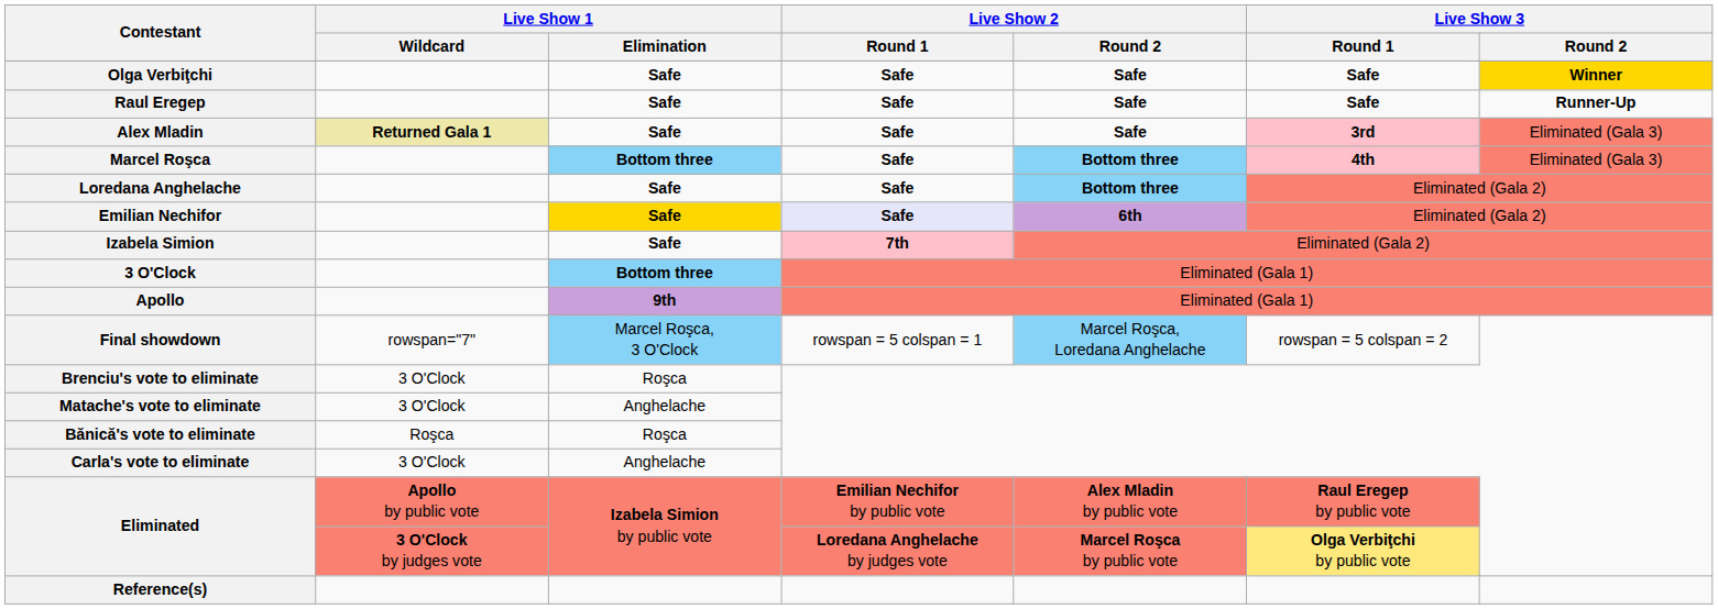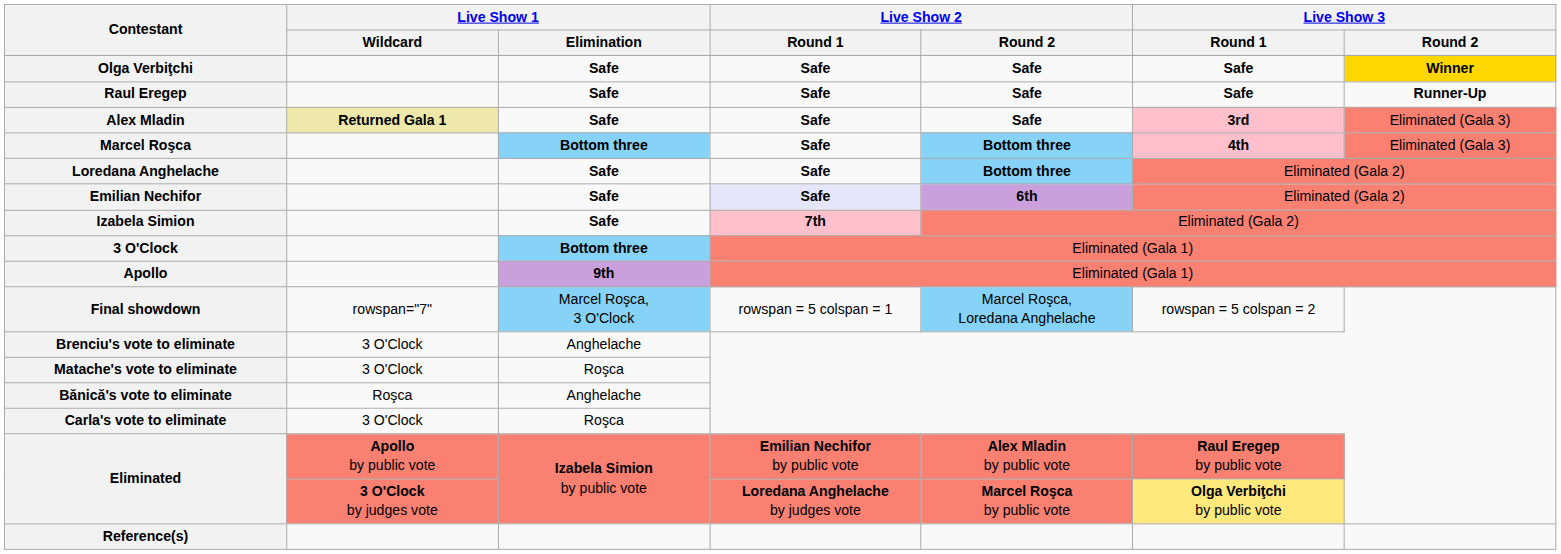 <table class="wikitable" style="font-size:90%;text-align:center;line-height:1.35;width:100%">
 <tr>
 <th style="width:16%"   rowspan="2" scope="col">Contestant</th>
 <th style="width:10.5%" colspan="2"><a href='#'>Live Show 1</a></th>
 <th style="width:10.5%" colspan="2" scope="col"><a href='#'>Live Show 2</a></th>
 <th style="width:10.5%" colspan="2" scope="col"><a href='#'>Live Show 3</a></th>
 </tr>
 <tr>
 <th style="width:12%">Wildcard</th>
 <th style="width:12%">Elimination</th>
 <th style="width:12%">Round 1</th>
 <th style="width:12%">Round 2</th>
 <th style="width:12%">Round 1</th>
 <th style="width:12%">Round 2</th>
 </tr>
 <tr>
 </tr>
 <tr>
 <th scope="row">Olga Verbiţchi</th>
 <td></td>
 <td><strong>Safe</strong></td>
 <td><strong>Safe</strong></td>
 <td><strong>Safe</strong></td>
 <td><strong>Safe</strong></td>
 <td bgcolor=Gold><strong>Winner</strong></td>
 </tr>
 <tr>
 <th scope="row">Raul Eregep</th>
 <td></td>
 <td><strong>Safe</strong></td>
 <td><strong>Safe</strong></td>
 <td><strong>Safe</strong></td>
 <td><strong>Safe</strong></td>
 <td><strong>Runner-Up</strong></td>
 </tr>
 <tr>
 <th scope="row">Alex Mladin</th>
 <td style="background:#EEE8AA"><strong>Returned Gala 1</strong></td>
 <td><strong>Safe</strong></td>
 <td><strong>Safe</strong></td>
 <td><strong>Safe</strong></td>
 <td bgcolor=pink><strong>3rd</strong></td>
 <td colspan="1" style="background:salmon;">Eliminated  (Gala 3)</td>
 </tr>
 <tr>
 <th scope="row">Marcel Roşca</th>
 <td></td>
 <td bgcolor=#87D3F8><strong>Bottom three</strong></td>
 <td><strong>Safe</strong></td>
 <td bgcolor=#87D3F8><strong>Bottom three</strong></td>
 <td bgcolor=pink><strong>4th</strong></td>
 <td colspan="2"  style="background:salmon;">Eliminated (Gala 3)</td>
 </tr>
 <tr>
 <th scope="row">Loredana Anghelache</th>
 <td></td>
 <td><strong>Safe</strong></td>
 <td><strong>Safe</strong></td>
 <td bgcolor=#87D3F8><strong>Bottom three</strong></td>
 <td colspan="3" rowspan=1 style="background:salmon;">Eliminated (Gala 2)</td>
 </tr>
 <tr>
 <th scope="row">Emilian Nechifor</th>
 <td></td>
-<td style="background: gold;"><strong>Safe</strong></td>
+<td><strong>Safe</strong></td>
 <td style="background: lavender;"><strong>Safe</strong></td>
 <td bgcolor=#C9A0DC><strong>6th</strong></td>
 <td colspan="3" rowspan=1 style="background:salmon;">Eliminated (Gala 2)</td>
 </tr>
 <tr>
 <th scope="row">Izabela Simion</th>
 <td></td>
 <td><strong>Safe</strong></td>
 <td bgcolor=pink><strong>7th</strong></td>
 <td colspan="4" rowspan=1 style="background:salmon;">Eliminated  (Gala 2)</td>
 </tr>
 <tr>
 <th scope="row">3 O'Clock</th>
 <td></td>
 <td bgcolor=#87D3F8><strong>Bottom three</strong></td>
 <td colspan="5" rowspan="1" style="background:salmon;">Eliminated  (Gala 1)</td>
 </tr>
 <tr>
 <th scope="row">Apollo</th>
 <td></td>
 <td bgcolor=#C9A0DC><strong>9th</strong></td>
 <td colspan="5" rowspan="1" style="background:salmon;">Eliminated  (Gala 1)</td>
 </tr>
 <tr>
 <th scope="row"  rowspan="1">Final showdown</th>
 <td>rowspan="7" </td>
 <td style="background:#87D3F8">Marcel Roşca,<br>3 O'Clock</td>
 <td>rowspan = 5 colspan = 1 </td>
 <td style="background:#87D3F8">Marcel Roşca,<br>Loredana Anghelache</td>
 <td>rowspan = 5 colspan = 2 </td>
 </tr>
 <tr>
 <th scope="row">Brenciu's vote to eliminate</th>
 <td>3 O'Clock</td>
-<td>Roşca</td>
+<td>Anghelache</td>
 </tr>
 <tr>
 <th scope="row">Matache's vote to eliminate</th>
 <td>3 O'Clock</td>
-<td>Anghelache</td>
+<td>Roşca</td>
 </tr>
 <tr>
 <th scope="row">Bănică's vote to eliminate</th>
 <td>Roşca</td>
-<td>Roşca</td>
+<td>Anghelache</td>
 </tr>
 <tr>
 <th scope="row">Carla's vote to eliminate</th>
 <td>3 O'Clock</td>
-<td>Anghelache</td>
+<td>Roşca</td>
 </tr>
 <tr>
 <th scope="row" rowspan="2">Eliminated</th>
 <td style="background:salmon;" rowspan="1"><strong>Apollo</strong><br>by public vote</td>
 <td style="background:salmon;" rowspan="2"><strong>Izabela Simion</strong><br>by public vote</td>
 <td style="background:salmon;" rowspan="1"><strong>Emilian Nechifor</strong><br>by public vote</td>
 <td style="background:salmon;" rowspan="1"><strong>Alex Mladin</strong><br>by public vote</td>
 <td style="background:salmon;" rowspan="1"><strong>Raul Eregep</strong><br>by public vote</td>
 </tr>
 <tr>
 <td style="background:salmon;" rowspan="1"><strong>3 O'Clock</strong><br> by judges vote</td>
 <td style="background:salmon;" rowspan="1"><strong>Loredana Anghelache</strong><br>by judges vote</td>
 <td style="background:salmon;" rowspan="1"><strong>Marcel Roşca</strong><br>by public vote</td>
 <td style="background:#FFE87C;" rowspan="1"><strong>Olga Verbiţchi</strong><br>by public vote</td>
 </tr>
 <tr>
 <th scope="row">Reference(s)</th>
 <td></td>
 <td></td>
 <td></td>
 <td></td>
 <td></td>
 <td></td>
 </tr>
 </table>
